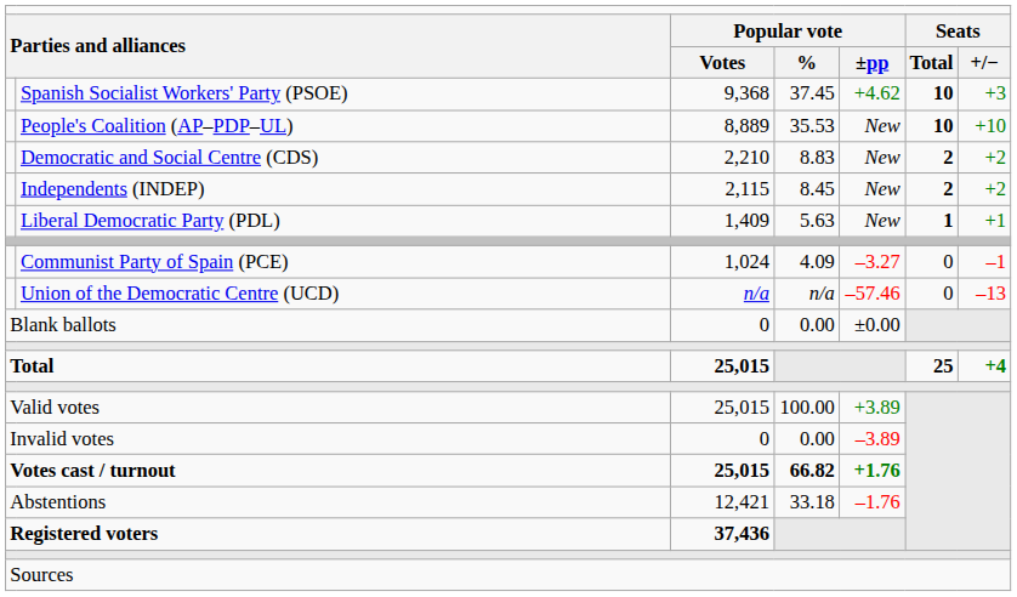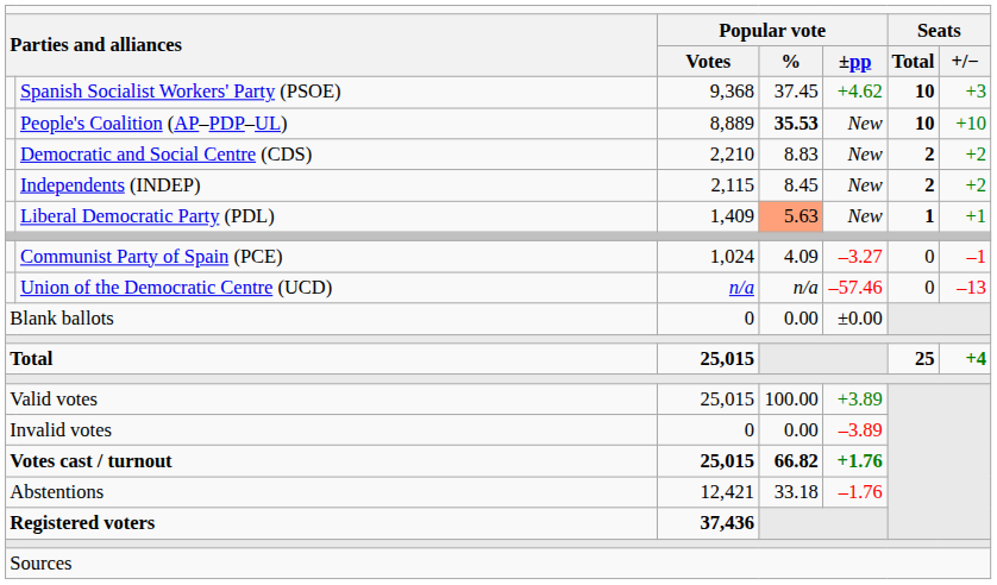 <table class="wikitable" style="text-align:right;">
 <tr>
 <td colspan="7"></td>
 </tr>
 <tr>
 <th style="text-align:left;" rowspan="2" colspan="2" width="525">Parties and alliances</th>
 <th colspan="3">Popular vote</th>
 <th colspan="2">Seats</th>
 </tr>
 <tr>
 <th width="75">Votes</th>
 <th width="45">%</th>
 <th width="45">±<a href='#'>pp</a></th>
 <th width="35">Total</th>
 <th width="35">+/−</th>
 </tr>
 <tr>
 <td width="1" style="color:inherit;background:"></td>
 <td align="left"><a href='#'>Spanish Socialist Workers' Party</a> (PSOE)</td>
 <td>9,368</td>
 <td>37.45</td>
 <td style="color:green;">+4.62</td>
 <td><strong>10</strong></td>
 <td style="color:green;">+3</td>
 </tr>
 <tr>
 <td style="color:inherit;background:"></td>
 <td align="left"><a href='#'>People's Coalition</a> (<a href='#'>AP</a>–<a href='#'>PDP</a>–<a href='#'>UL</a>)</td>
 <td>8,889</td>
-<td>35.53</td>
+<td><strong>35.53</strong></td>
 <td><em>New</em></td>
 <td><strong>10</strong></td>
 <td style="color:green;">+10</td>
 </tr>
 <tr>
 <td style="color:inherit;background:"></td>
 <td align="left"><a href='#'>Democratic and Social Centre</a> (CDS)</td>
 <td>2,210</td>
 <td>8.83</td>
 <td><em>New</em></td>
 <td><strong>2</strong></td>
 <td style="color:green;">+2</td>
 </tr>
 <tr>
 <td style="color:inherit;background:"></td>
 <td align="left"><a href='#'>Independents</a> (INDEP)</td>
 <td>2,115</td>
 <td>8.45</td>
 <td><em>New</em></td>
 <td><strong>2</strong></td>
 <td style="color:green;">+2</td>
 </tr>
 <tr>
 <td style="color:inherit;background:"></td>
 <td align="left"><a href='#'>Liberal Democratic Party</a> (PDL)</td>
 <td>1,409</td>
-<td>5.63</td>
+<td style="background: lightsalmon;">5.63</td>
 <td><em>New</em></td>
 <td><strong>1</strong></td>
 <td style="color:green;">+1</td>
 </tr>
 <tr>
 <td colspan="7" bgcolor="#C0C0C0"></td>
 </tr>
 <tr>
 <td style="color:inherit;background:"></td>
 <td align="left"><a href='#'>Communist Party of Spain</a> (PCE)</td>
 <td>1,024</td>
 <td>4.09</td>
 <td style="color:red;">–3.27</td>
 <td>0</td>
 <td style="color:red;">–1</td>
 </tr>
 <tr>
 <td style="color:inherit;background:"></td>
 <td align="left"><a href='#'>Union of the Democratic Centre</a> (UCD)</td>
 <td><em><a href='#'>n/a</a></em></td>
 <td><em>n/a</em></td>
 <td style="color:red;">–57.46</td>
 <td>0</td>
 <td style="color:red;">–13</td>
 </tr>
 <tr>
 <td align="left" colspan="2">Blank ballots</td>
 <td>0</td>
 <td>0.00</td>
 <td>±0.00</td>
 <td bgcolor="#E9E9E9" colspan="2"></td>
 </tr>
 <tr>
 <td colspan="7" bgcolor="#E9E9E9"></td>
 </tr>
 <tr style="font-weight:bold;">
 <td align="left" colspan="2">Total</td>
 <td>25,015</td>
 <td bgcolor="#E9E9E9" colspan="2"></td>
 <td>25</td>
 <td style="color:green;">+4</td>
 </tr>
 <tr>
 <td colspan="7" bgcolor="#E9E9E9"></td>
 </tr>
 <tr>
 <td align="left" colspan="2">Valid votes</td>
 <td>25,015</td>
 <td>100.00</td>
 <td style="color:green;">+3.89</td>
 <td bgcolor="#E9E9E9" colspan="2" rowspan="5"></td>
 </tr>
 <tr>
 <td align="left" colspan="2">Invalid votes</td>
 <td>0</td>
 <td>0.00</td>
 <td style="color:red;">–3.89</td>
 </tr>
 <tr style="font-weight:bold;">
 <td align="left" colspan="2">Votes cast / turnout</td>
 <td>25,015</td>
 <td>66.82</td>
 <td style="color:green;">+1.76</td>
 </tr>
 <tr>
 <td align="left" colspan="2">Abstentions</td>
 <td>12,421</td>
 <td>33.18</td>
 <td style="color:red;">–1.76</td>
 </tr>
 <tr style="font-weight:bold;">
 <td align="left" colspan="2">Registered voters</td>
 <td>37,436</td>
 <td bgcolor="#E9E9E9" colspan="2"></td>
 </tr>
 <tr>
 <td colspan="7" bgcolor="#E9E9E9"></td>
 </tr>
 <tr>
 <td align="left" colspan="7">Sources</td>
 </tr>
 </table>
